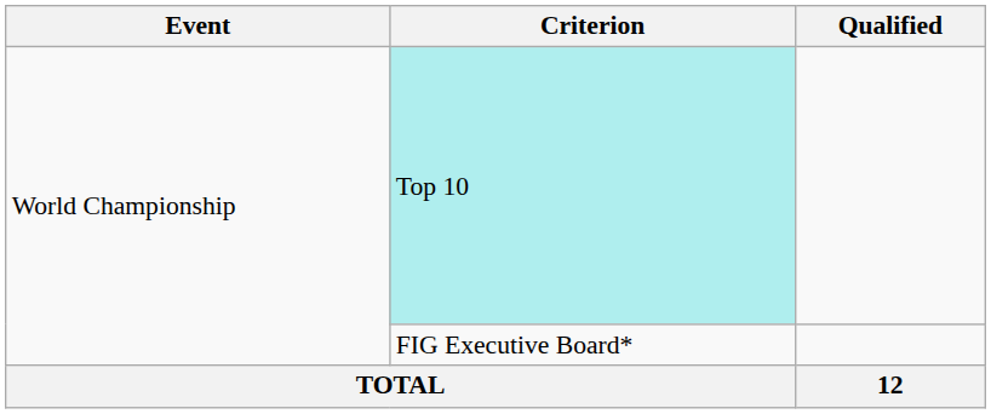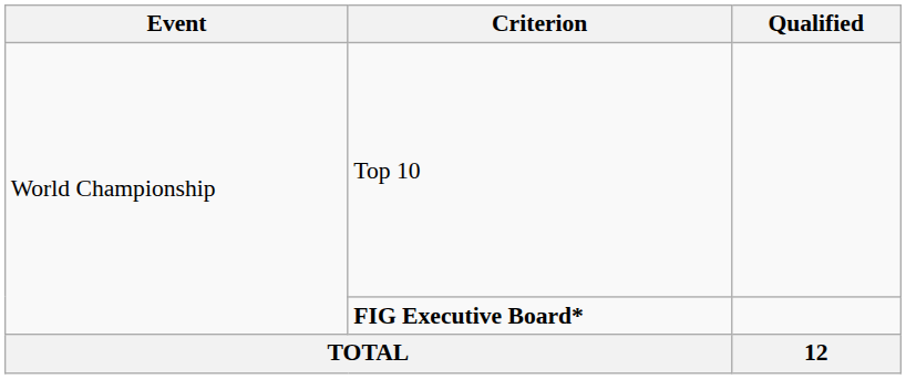 <table class="wikitable" width=600>
 <tr>
 <th>Event</th>
 <th>Criterion</th>
 <th>Qualified</th>
 </tr>
 <tr>
 <td rowspan="2">World Championship</td>
-<td style="background: paleturquoise;">Top 10</td>
+<td>Top 10</td>
 <td> <br><br><br><br><br><br><br><br><br></td>
 </tr>
 <tr>
-<td>FIG Executive Board*</td>
+<td><strong>FIG Executive Board*</strong></td>
 <td> <br> </td>
 </tr>
 <tr>
 <th colspan="2">TOTAL</th>
 <th>12</th>
 </tr>
 </table>
